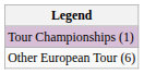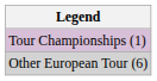 <table class="wikitable" style="font-size:95%;">
 <tr>
 <th>Legend</th>
 </tr>
 <tr style="background:thistle">
 <td>Tour Championships (1)</td>
 </tr>
 <tr>
-<td>Other European Tour (6)</td>
+<td style="background: lightgrey;">Other European Tour (6)</td>
 </tr>
 </table>
